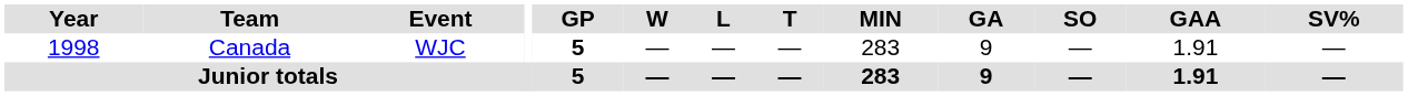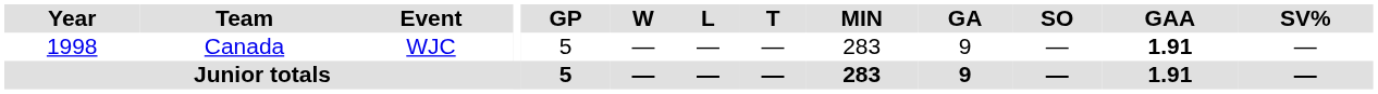 <table border="0" cellpadding="1" cellspacing="0" ID="Table3" style="text-align:center; width:60em">
 <tr ALIGN="center" bgcolor="#e0e0e0">
 <th>Year</th>
 <th>Team</th>
 <th>Event</th>
 <th rowspan="99" bgcolor="#ffffff"></th>
 <th>GP</th>
 <th>W</th>
 <th>L</th>
 <th>T</th>
 <th>MIN</th>
 <th>GA</th>
 <th>SO</th>
 <th>GAA</th>
 <th>SV%</th>
 </tr>
 <tr>
 <td><a href='#'>1998</a></td>
 <td><a href='#'>Canada</a></td>
 <td><a href='#'>WJC</a></td>
-<td><strong>5</strong></td>
+<td>5</td>
 <td>—</td>
 <td>—</td>
 <td>—</td>
 <td>283</td>
 <td>9</td>
 <td>—</td>
-<td>1.91</td>
+<td><strong>1.91</strong></td>
 <td>—</td>
 </tr>
 <tr bgcolor="#e0e0e0">
 <th colspan=4>Junior totals</th>
 <th>5</th>
 <th>—</th>
 <th>—</th>
 <th>—</th>
 <th>283</th>
 <th>9</th>
 <th>—</th>
 <th>1.91</th>
 <th>—</th>
 </tr>
 </table>
